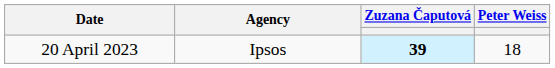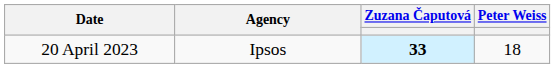 <table class="wikitable" style="text-align:center;">
 <tr style="font-size:80%;">
 <th style="width:150px;" rowspan="2">Date</th>
 <th style="width:165px;" rowspan="2">Agency</th>
 <th><a href='#'>Zuzana Čaputová</a></th>
 <th><a href='#'>Peter Weiss</a></th>
 </tr>
 <tr>
 <th style="background:"></th>
 <th style="background:"></th>
 </tr>
 <tr>
 <td>20 April 2023</td>
 <td>Ipsos</td>
-<td style="background:#D1F1FF"><strong>39</strong></td>
+<td style="background:#D1F1FF"><strong>33</strong></td>
 <td>18</td>
 </tr>
 </table>
